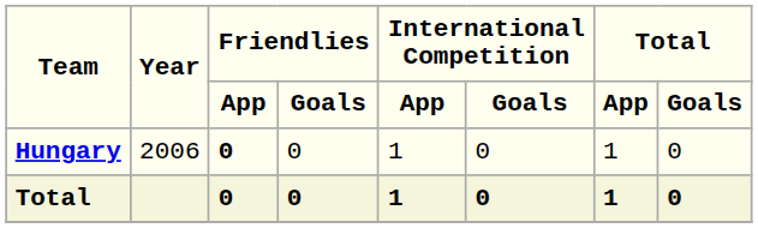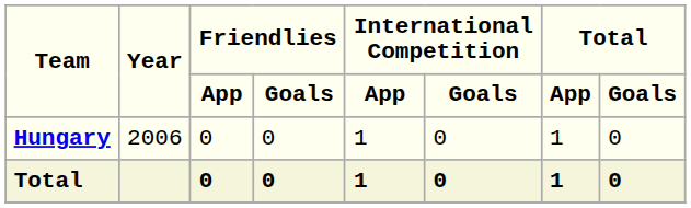 <table border=1 align=center cellpadding=4 cellspacing=2 style="background: ivory; font-size: 95%; border: 1px #aaaaaa solid; border-collapse: collapse; clear:center">
 <tr>
 <th rowspan="2">Team</th>
 <th rowspan="2">Year</th>
 <th colspan="2">Friendlies</th>
 <th colspan="2">International<br>Competition</th>
 <th colspan="2">Total</th>
 </tr>
 <tr>
 <th>App</th>
 <th>Goals</th>
 <th>App</th>
 <th>Goals</th>
 <th>App</th>
 <th>Goals</th>
 </tr>
 <tr>
 <td rowspan="1" align=center valign=center><strong><a href='#'>Hungary</a></strong></td>
 <td>2006</td>
-<td><strong>0</strong></td>
+<td>0</td>
 <td>0</td>
 <td>1</td>
 <td>0</td>
 <td>1</td>
 <td>0</td>
 </tr>
 <tr>
 <th align=left style="background:beige">Total</th>
 <th align=left style="background:beige" colspan="1"></th>
 <th align=left style="background:beige">0</th>
 <th align=left style="background:beige">0</th>
 <th align=left style="background:beige">1</th>
 <th align=left style="background:beige">0</th>
 <th align=left style="background:beige">1</th>
 <th align=left style="background:beige">0</th>
 </tr>
 <tr>
 </tr>
 </table>
